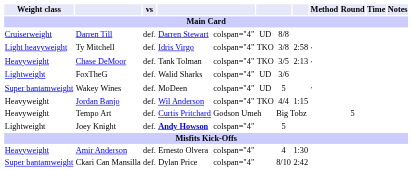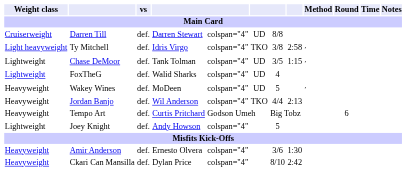 <table class="toccolours" style="font-size: 85%;">
 <tr>
 <th style="background:#e6e8fa; color:#000; text-align:center;">Weight class</th>
 <th style="background:#e6e8fa; color:#000; text-align:center;"></th>
 <th style="background:#e6e8fa; color:#000; text-align:center;">vs</th>
 <th colspan="2" style="background:#e6e8fa; color:#000; text-align:center;"></th>
 <th colspan="2" style="background:#e6e8fa; color:#000; text-align:center;"></th>
 <th style="background:#e6e8fa; color:#000; text-align:center;"></th>
 <th style="background:#e6e8fa; color:#000; text-align:center;">Method</th>
 <th style="background:#e6e8fa; color:#000; text-align:center;">Round</th>
 <th style="background:#e6e8fa; color:#000; text-align:center;">Time</th>
 <th style="background:#e6e8fa; color:#000; text-align:center;">Notes</th>
 </tr>
 <tr>
 <th colspan="12" style="background-color: #ccccff;">Main Card</th>
 </tr>
 <tr>
 <td><a href='#'>Cruiserweight</a></td>
 <td><a href='#'>Darren Till</a></td>
 <td>def.</td>
 <td><a href='#'>Darren Stewart</a></td>
 <td>colspan="4" </td>
 <td align="center">UD</td>
 <td align="center">8/8</td>
 <td></td>
 <td></td>
 </tr>
 <tr>
 <td><a href='#'>Light heavyweight</a></td>
 <td>Ty Mitchell</td>
 <td>def.</td>
 <td><a href='#'>Idris Virgo</a></td>
 <td>colspan="4" </td>
 <td align="center">TKO</td>
 <td align="center">3/8</td>
 <td>2:58</td>
 <td><sup>, </sup> </td>
 </tr>
 <tr>
-<td><a href='#'>Heavyweight</a></td>
+<td>Lightweight</td>
 <td><a href='#'>Chase DeMoor</a></td>
 <td>def.</td>
 <td>Tank Tolman</td>
 <td>colspan="4" </td>
-<td align="center">TKO</td>
+<td align="center">UD</td>
 <td align="center">3/5</td>
-<td>2:13</td>
+<td>1:15</td>
 <td><sup>, </sup> </td>
 </tr>
 <tr>
 <td><a href='#'>Lightweight</a></td>
 <td>FoxTheG</td>
 <td>def.</td>
 <td>Walid Sharks</td>
 <td>colspan="4" </td>
 <td align="center">UD</td>
-<td align="center">3/6</td>
+<td align="center">4</td>
 <td></td>
 <td></td>
 </tr>
 <tr>
-<td><a href='#'>Super bantamweight</a></td>
+<td>Heavyweight</td>
 <td>Wakey Wines</td>
 <td>def.</td>
 <td>MoDeen</td>
 <td>colspan="4" </td>
 <td align="center">UD</td>
 <td align="center">5</td>
 <td></td>
 <td><sup>, </sup> </td>
 </tr>
 <tr>
 <td>Heavyweight</td>
 <td><a href='#'>Jordan Banjo</a></td>
 <td>def.</td>
 <td><a href='#'>Wil Anderson</a></td>
 <td>colspan="4" </td>
 <td align="center">TKO</td>
 <td align="center">4/4</td>
-<td>1:15</td>
+<td>2:13</td>
 <td></td>
 </tr>
 <tr>
 <td>Heavyweight</td>
 <td>Tempo Art</td>
 <td>def.</td>
 <td><a href='#'>Curtis Pritchard</a></td>
 <td colspan="2">Godson Umeh</td>
 <td colspan="2">Big Tobz</td>
 <td align="center"></td>
-<td align="center">5</td>
+<td align="center">6</td>
 <td></td>
 <td></td>
 </tr>
 <tr>
 <td>Lightweight</td>
 <td>Joey Knight</td>
 <td>def.</td>
-<td><strong><a href='#'>Andy Howson</a></strong></td>
+<td><a href='#'>Andy Howson</a></td>
 <td>colspan="4" </td>
 <td align="center"></td>
 <td align="center">5</td>
 <td></td>
 <td></td>
 </tr>
 <tr>
 <th colspan="12" style="background-color: #ccccff;">Misfits Kick-Offs</th>
 </tr>
 <tr>
 <td><a href='#'>Heavyweight</a></td>
 <td><a href='#'>Amir Anderson</a></td>
 <td>def.</td>
 <td>Ernesto Olvera</td>
 <td>colspan="4" </td>
 <td align="center"></td>
-<td align="center">4</td>
+<td align="center">3/6</td>
 <td>1:30</td>
 <td></td>
 </tr>
 <tr>
-<td><a href='#'>Super bantamweight</a></td>
+<td><a href='#'>Heavyweight</a></td>
 <td>Ckari Can Mansilla</td>
 <td>def.</td>
 <td>Dylan Price</td>
 <td>colspan="4" </td>
 <td align="center"></td>
 <td align="center">8/10</td>
 <td>2:42</td>
 <td></td>
 </tr>
 </table>
